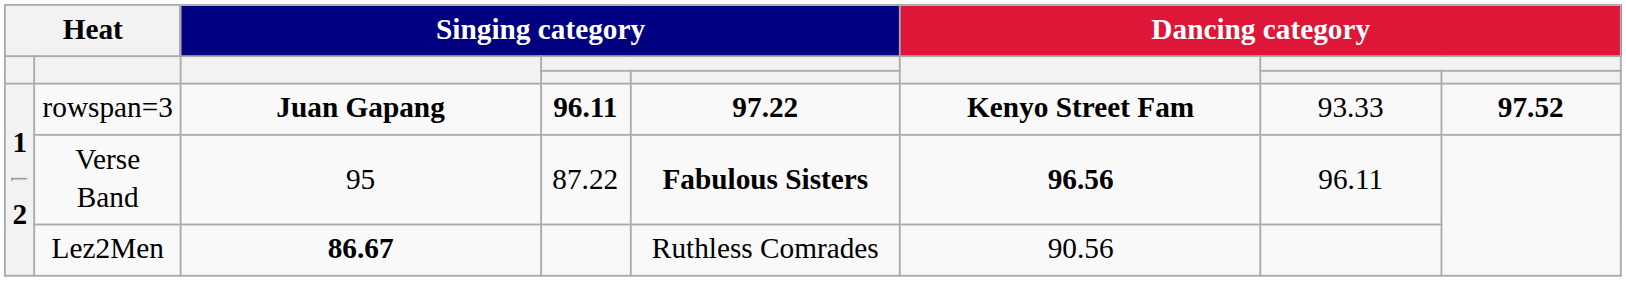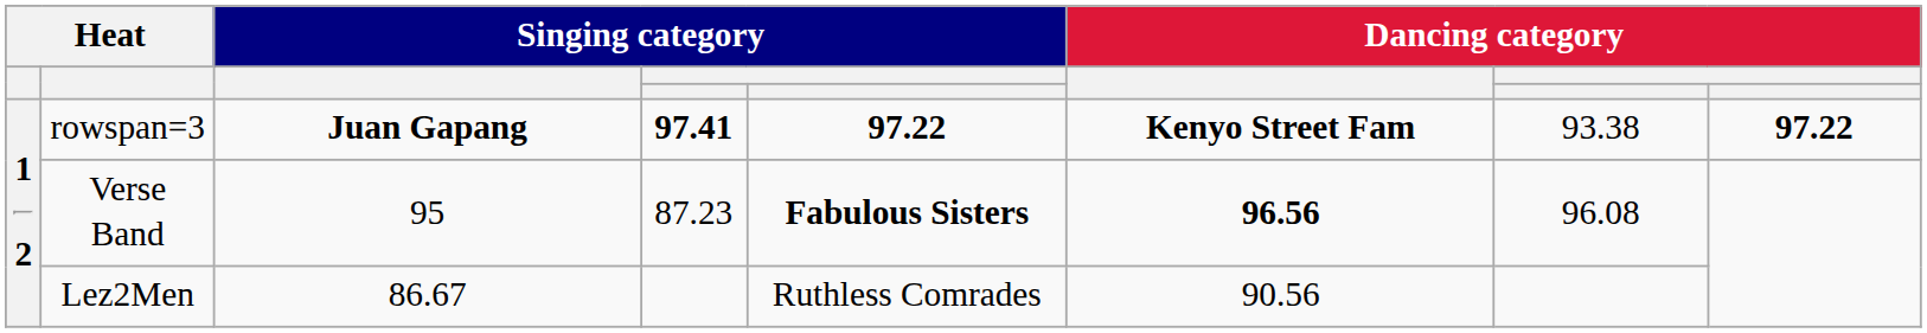 <table class="wikitable" style="text-align:center; line-height:1.3em; width:100%;">
 <tr>
 <th colspan=2 width=02%>Heat</th>
 <th colspan=3 style="background:navy; color:white; width:40%;">Singing category</th>
 <th colspan=3 style="background:#de1738; color:white; width:40%;">Dancing category</th>
 </tr>
 <tr>
 <th rowspan=2 width=01%></th>
 <th rowspan=2></th>
 <th rowspan=2 width=20%></th>
 <th colspan=2></th>
 <th rowspan=2 width=20%></th>
 <th colspan=2></th>
 </tr>
 <tr>
 <th></th>
 <th></th>
 <th></th>
 <th></th>
 </tr>
 <tr>
 <th rowspan=3>1<hr>2</th>
 <td>rowspan=3 </td>
 <td><strong>Juan Gapang</strong></td>
-<td><strong>96.11</strong></td>
+<td><strong>97.41</strong></td>
 <td><strong>97.22</strong></td>
 <td><strong>Kenyo Street Fam</strong></td>
-<td>93.33</td>
-<td><strong>97.52</strong></td>
+<td>93.38</td>
+<td><strong>97.22</strong></td>
 </tr>
 <tr>
 <td>Verse Band</td>
 <td>95</td>
-<td>87.22</td>
+<td>87.23</td>
 <td><strong> Fabulous Sisters</strong></td>
 <td><strong>96.56</strong></td>
-<td>96.11</td>
+<td>96.08</td>
 </tr>
 <tr>
 <td>Lez2Men</td>
-<td><strong>86.67</strong></td>
+<td>86.67</td>
 <td></td>
 <td>Ruthless Comrades</td>
 <td>90.56</td>
 <td></td>
 </tr>
 </table>
